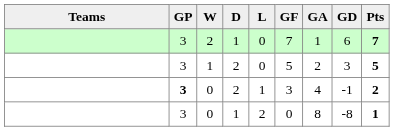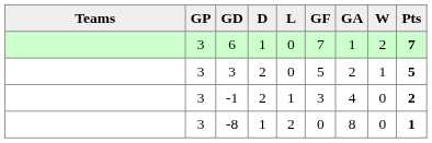 <table style=border-collapse:collapse border=1 cellspacing=0 cellpadding=5>
 <tr align=center bgcolor=#efefef>
 <th width=185>Teams</th>
 <th width=20>GP</th>
-<th width=20>W</th>
+<th width=20>GD</th>
 <th width=20>D</th>
 <th width=20>L</th>
 <th width=20>GF</th>
 <th width=20>GA</th>
-<th width=20>GD</th>
+<th width=20>W</th>
 <th width=20>Pts<br></th>
 </tr>
 <tr align=center style="background:#ccffcc;">
 <td style="text-align:left;"></td>
 <td>3</td>
-<td>2</td>
+<td>6</td>
 <td>1</td>
 <td>0</td>
 <td>7</td>
 <td>1</td>
-<td>6</td>
+<td>2</td>
 <td><strong>7</strong></td>
 </tr>
 <tr align=center>
 <td style="text-align:left;"></td>
 <td>3</td>
-<td>1</td>
+<td>3</td>
 <td>2</td>
 <td>0</td>
 <td>5</td>
 <td>2</td>
-<td>3</td>
+<td>1</td>
 <td><strong>5</strong></td>
 </tr>
 <tr align=center>
 <td style="text-align:left;"></td>
-<td><strong>3</strong></td>
-<td>0</td>
+<td>3</td>
+<td>-1</td>
 <td>2</td>
 <td>1</td>
 <td>3</td>
 <td>4</td>
-<td>-1</td>
+<td>0</td>
 <td><strong>2</strong></td>
 </tr>
 <tr align=center>
 <td style="text-align:left;"></td>
 <td>3</td>
-<td>0</td>
+<td>-8</td>
 <td>1</td>
 <td>2</td>
 <td>0</td>
 <td>8</td>
-<td>-8</td>
+<td>0</td>
 <td><strong>1</strong></td>
 </tr>
 </table>
